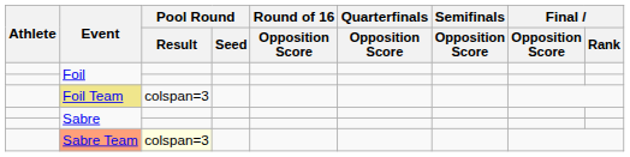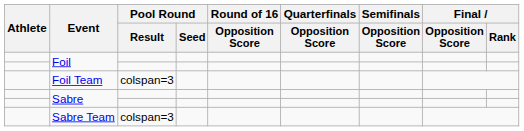 <table class=wikitable style="font-size:90%">
 <tr>
 <th rowspan="2">Athlete</th>
 <th rowspan="2">Event</th>
 <th colspan=2>Pool Round</th>
 <th>Round of 16</th>
 <th>Quarterfinals</th>
 <th>Semifinals</th>
 <th colspan=2>Final / </th>
 </tr>
 <tr style="font-size:95%">
 <th>Result</th>
 <th>Seed</th>
 <th>Opposition<br>Score</th>
 <th>Opposition<br>Score</th>
 <th>Opposition<br>Score</th>
 <th>Opposition<br>Score</th>
 <th>Rank</th>
 </tr>
 <tr align=center>
 <td align=left></td>
 <td align=left rowspan=2><a href='#'>Foil</a></td>
 <td></td>
 <td></td>
 <td></td>
 <td></td>
 <td></td>
 <td></td>
 <td></td>
 </tr>
 <tr align=center>
 <td align=left></td>
 <td></td>
 <td></td>
 <td></td>
 <td></td>
 <td></td>
 <td></td>
 <td></td>
 </tr>
 <tr align=center>
 <td align=left></td>
-<td align=left style="background: khaki;"><a href='#'>Foil Team</a></td>
+<td align=left><a href='#'>Foil Team</a></td>
 <td>colspan=3 </td>
 <td></td>
 <td></td>
 <td></td>
 <td></td>
 </tr>
 <tr align=center>
 <td align=left></td>
 <td align=left rowspan=2><a href='#'>Sabre</a></td>
 <td></td>
 <td></td>
 <td></td>
 <td></td>
 <td></td>
 <td></td>
 <td></td>
 </tr>
 <tr align=center>
 <td align=left></td>
 <td></td>
 <td></td>
 <td></td>
 <td></td>
 <td></td>
 <td></td>
 <td></td>
 </tr>
 <tr align=center>
 <td align=left></td>
-<td align=left style="background: lightsalmon;"><a href='#'>Sabre Team</a></td>
-<td style="background: lightyellow;">colspan=3 </td>
+<td align=left><a href='#'>Sabre Team</a></td>
+<td>colspan=3 </td>
 <td></td>
 <td></td>
 <td></td>
 <td></td>
 </tr>
 </table>
